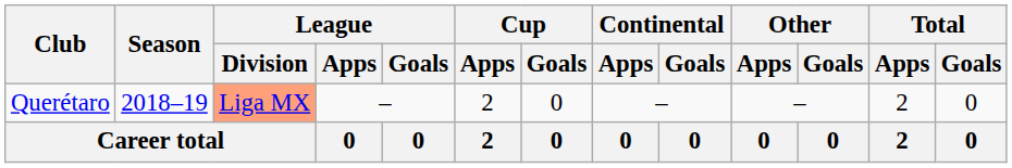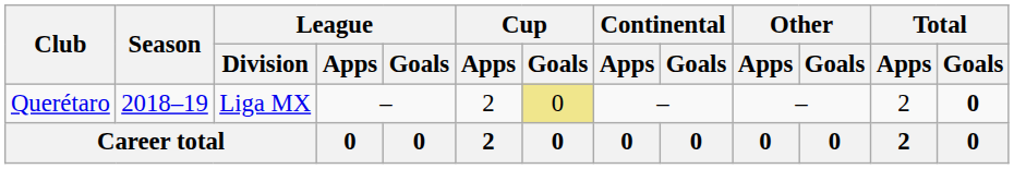 <table class="wikitable" style="text-align: center">
 <tr>
 <th rowspan="2">Club</th>
 <th rowspan="2">Season</th>
 <th colspan="3">League</th>
 <th colspan="2">Cup</th>
 <th colspan="2">Continental</th>
 <th colspan="2">Other</th>
 <th colspan="2">Total</th>
 </tr>
 <tr>
 <th>Division</th>
 <th>Apps</th>
 <th>Goals</th>
 <th>Apps</th>
 <th>Goals</th>
 <th>Apps</th>
 <th>Goals</th>
 <th>Apps</th>
 <th>Goals</th>
 <th>Apps</th>
 <th>Goals</th>
 </tr>
 <tr>
 <td><a href='#'>Querétaro</a></td>
 <td><a href='#'>2018–19</a></td>
-<td style="background: lightsalmon;"><a href='#'>Liga MX</a></td>
+<td><a href='#'>Liga MX</a></td>
 <td colspan="2">–</td>
 <td>2</td>
-<td>0</td>
+<td style="background: khaki;">0</td>
 <td colspan="2">–</td>
 <td colspan="2">–</td>
 <td>2</td>
-<td>0</td>
+<td><strong>0</strong></td>
 </tr>
 <tr>
 <th colspan="3"><strong>Career total</strong></th>
 <th>0</th>
 <th>0</th>
 <th>2</th>
 <th>0</th>
 <th>0</th>
 <th>0</th>
 <th>0</th>
 <th>0</th>
 <th>2</th>
 <th>0</th>
 </tr>
 </table>
